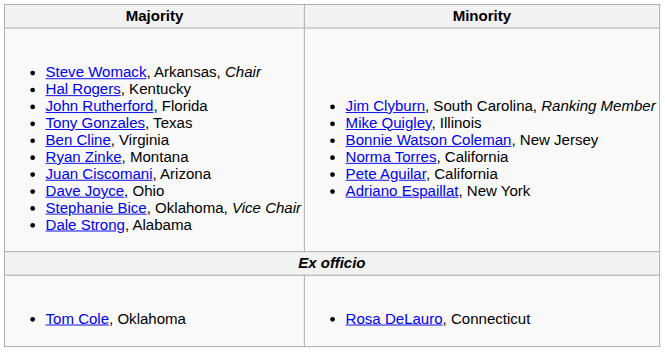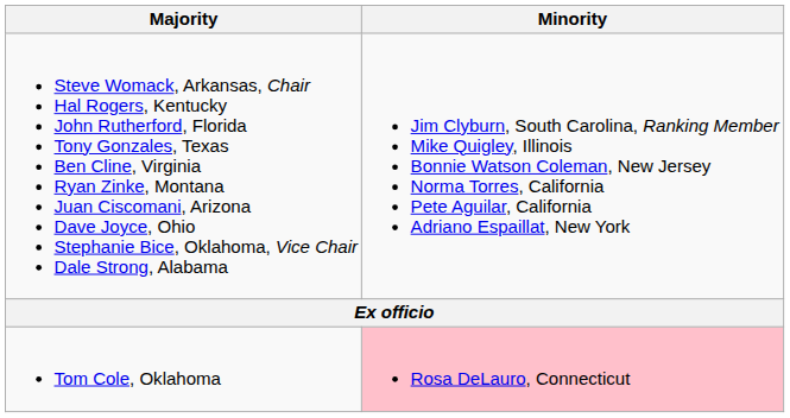 <table class=wikitable>
 <tr>
 <th>Majority</th>
 <th>Minority</th>
 </tr>
 <tr>
 <td><br><ul><li><a href='#'>Steve Womack</a>, Arkansas, <em>Chair</em></li><li><a href='#'>Hal Rogers</a>, Kentucky</li><li><a href='#'>John Rutherford</a>, Florida</li><li><a href='#'>Tony Gonzales</a>, Texas</li><li><a href='#'>Ben Cline</a>, Virginia</li><li><a href='#'>Ryan Zinke</a>, Montana</li><li><a href='#'>Juan Ciscomani</a>, Arizona</li><li><a href='#'>Dave Joyce</a>, Ohio</li><li><a href='#'>Stephanie Bice</a>, Oklahoma, <em>Vice Chair</em></li><li><a href='#'>Dale Strong</a>, Alabama</li></ul></td>
 <td><br><ul><li><a href='#'>Jim Clyburn</a>, South Carolina, <em>Ranking Member</em></li><li><a href='#'>Mike Quigley</a>, Illinois</li><li><a href='#'>Bonnie Watson Coleman</a>, New Jersey</li><li><a href='#'>Norma Torres</a>, California</li><li><a href='#'>Pete Aguilar</a>, California</li><li><a href='#'>Adriano Espaillat</a>, New York</li></ul></td>
 </tr>
 <tr>
 <th colspan=2><em>Ex officio</em></th>
 </tr>
 <tr>
 <td><br><ul><li><a href='#'>Tom Cole</a>, Oklahoma</li></ul></td>
-<td><br><ul><li><a href='#'>Rosa DeLauro</a>, Connecticut</li></ul></td>
+<td style="background: pink;"><br><ul><li><a href='#'>Rosa DeLauro</a>, Connecticut</li></ul></td>
 </tr>
 </table>
